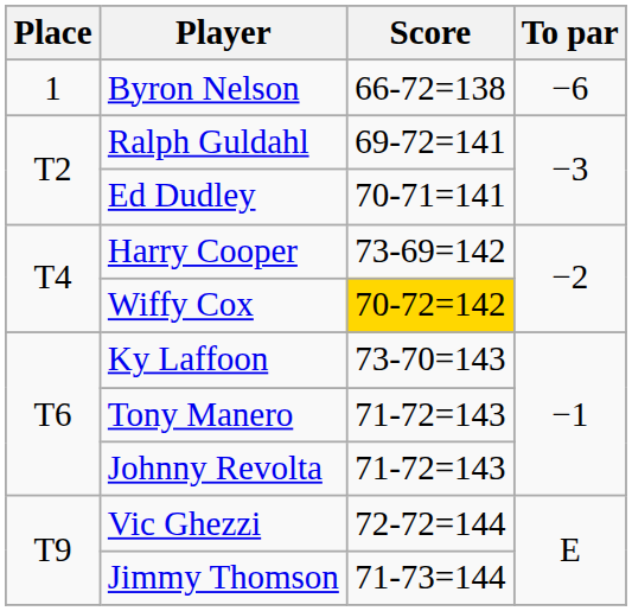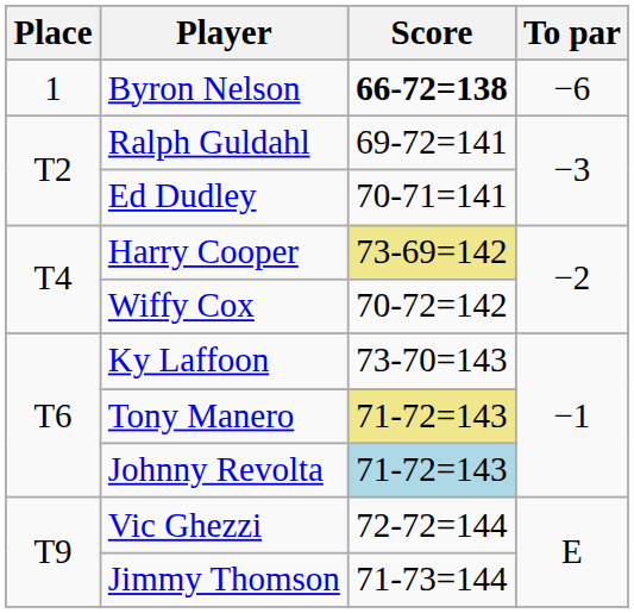 <table class="wikitable">
 <tr>
 <th>Place</th>
 <th>Player</th>
 <th>Score</th>
 <th>To par</th>
 </tr>
 <tr>
 <td align="center">1</td>
 <td> <a href='#'>Byron Nelson</a></td>
-<td>66-72=138</td>
+<td><strong>66-72=138</strong></td>
 <td align="center">−6</td>
 </tr>
 <tr>
 <td rowspan=2 align="center">T2</td>
 <td> <a href='#'>Ralph Guldahl</a></td>
 <td>69-72=141</td>
 <td rowspan=2 align="center">−3</td>
 </tr>
 <tr>
 <td> <a href='#'>Ed Dudley</a></td>
 <td>70-71=141</td>
 </tr>
 <tr>
 <td rowspan=2 align="center">T4</td>
 <td> <a href='#'>Harry Cooper</a></td>
-<td>73-69=142</td>
+<td style="background: khaki;">73-69=142</td>
 <td rowspan=2 align="center">−2</td>
 </tr>
 <tr>
 <td> <a href='#'>Wiffy Cox</a></td>
-<td style="background: gold;">70-72=142</td>
+<td>70-72=142</td>
 </tr>
 <tr>
 <td rowspan=3 align="center">T6</td>
 <td> <a href='#'>Ky Laffoon</a></td>
 <td>73-70=143</td>
 <td rowspan=3 align="center">−1</td>
 </tr>
 <tr>
 <td> <a href='#'>Tony Manero</a></td>
-<td>71-72=143</td>
+<td style="background: khaki;">71-72=143</td>
 </tr>
 <tr>
 <td> <a href='#'>Johnny Revolta</a></td>
-<td>71-72=143</td>
+<td style="background: lightblue;">71-72=143</td>
 </tr>
 <tr>
 <td rowspan=2 align="center">T9</td>
 <td> <a href='#'>Vic Ghezzi</a></td>
 <td>72-72=144</td>
 <td rowspan=2 align="center">E</td>
 </tr>
 <tr>
 <td> <a href='#'>Jimmy Thomson</a></td>
 <td>71-73=144</td>
 </tr>
 </table>
